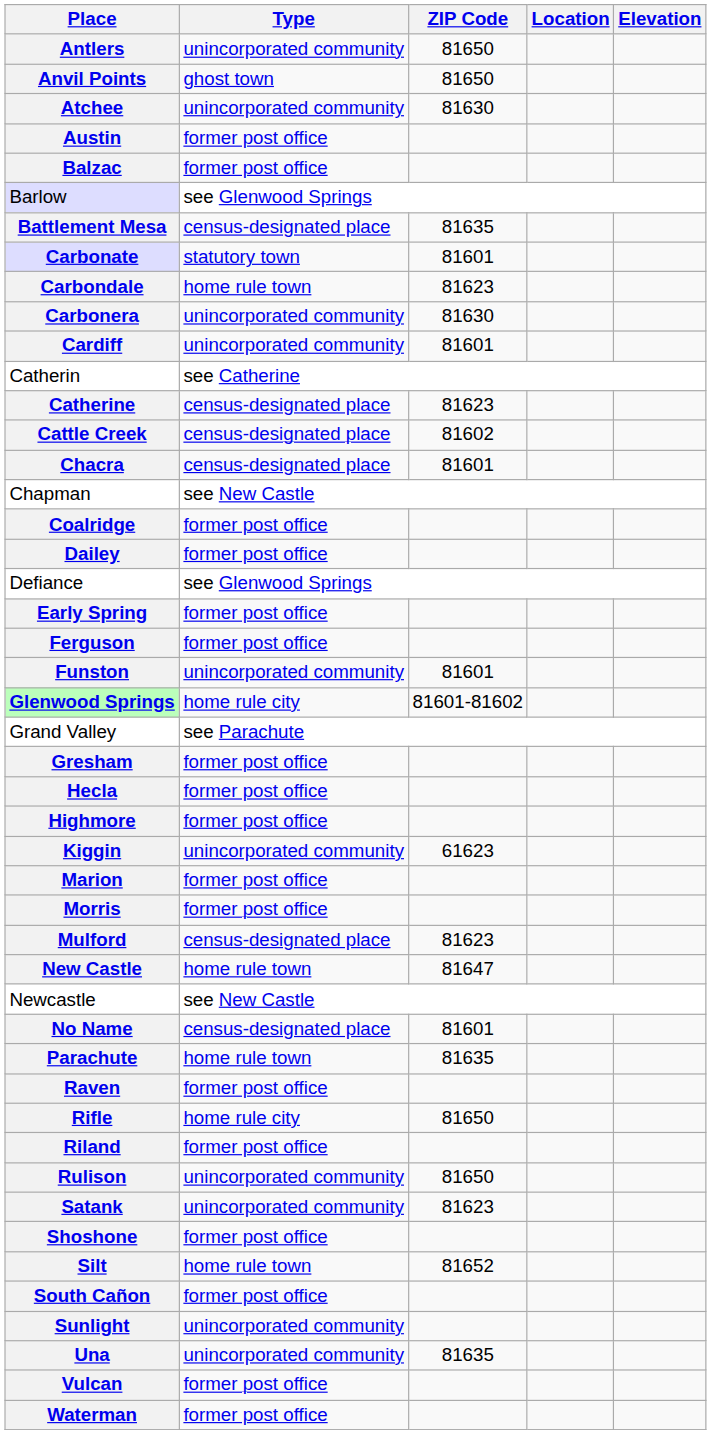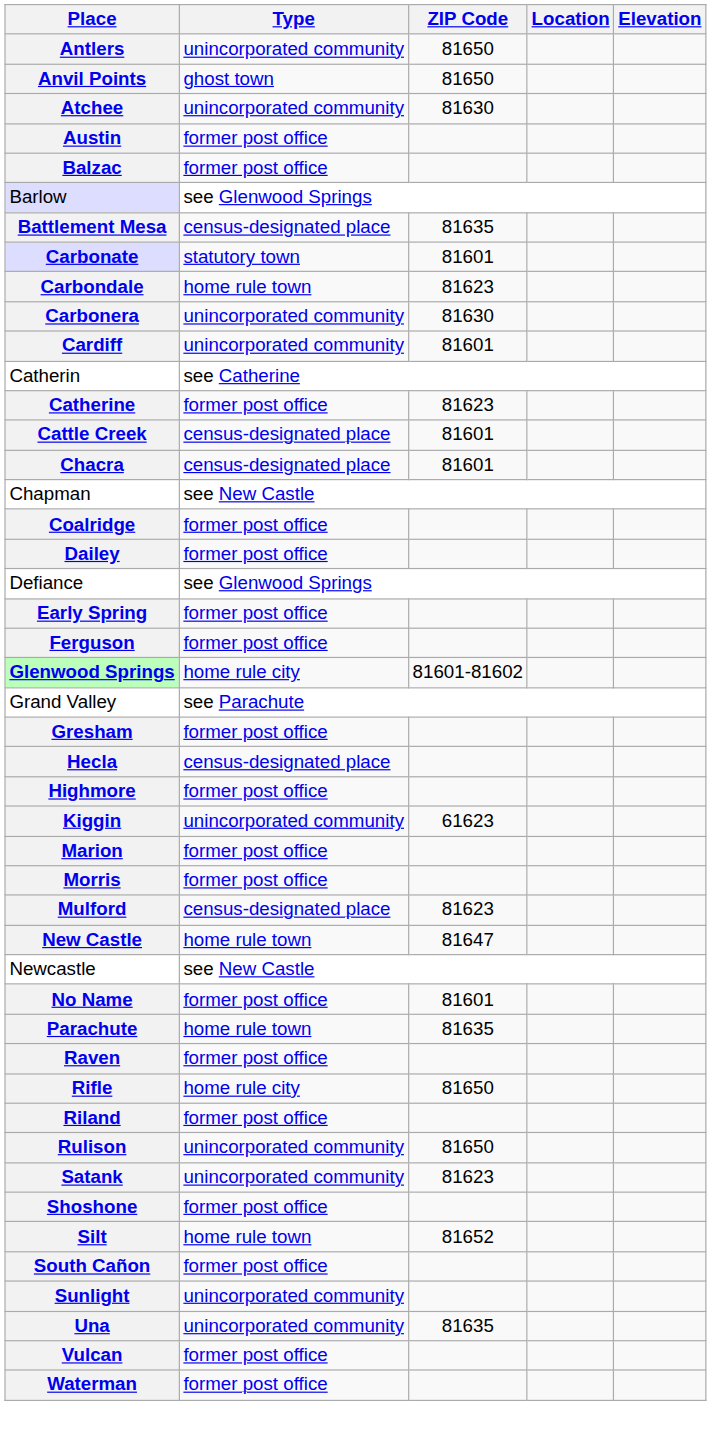 <table class="wikitable sortable  plainrowheaders" style="margin:auto;">
 <tr>
 <th scope=col><a href='#'>Place</a></th>
 <th scope=col><a href='#'>Type</a></th>
 <th scope=col><a href='#'>ZIP Code</a></th>
 <th scope=col><a href='#'>Location</a></th>
 <th scope=col><a href='#'>Elevation</a></th>
 </tr>
 <tr>
 <th scope=row><a href='#'>Antlers</a></th>
 <td><a href='#'>unincorporated community</a></td>
 <td align=center>81650</td>
 <td></td>
 <td align=right></td>
 </tr>
 <tr>
 <th scope=row><a href='#'>Anvil Points</a></th>
 <td><a href='#'>ghost town</a></td>
 <td align=center>81650</td>
 <td></td>
 <td align=right></td>
 </tr>
 <tr>
 <th scope=row><a href='#'>Atchee</a></th>
 <td><a href='#'>unincorporated community</a></td>
 <td align=center>81630</td>
 <td></td>
 <td align=right></td>
 </tr>
 <tr>
 <th scope=row><a href='#'>Austin</a></th>
 <td><a href='#'>former post office</a></td>
 <td align=center></td>
 <td></td>
 <td></td>
 </tr>
 <tr>
 <th scope=row><a href='#'>Balzac</a></th>
 <td><a href='#'>former post office</a></td>
 <td align=center></td>
 <td></td>
 <td></td>
 </tr>
 <tr bgcolor=white>
 <td style="background:#DDDDFF;">Barlow</td>
 <td colspan=4>see <a href='#'>Glenwood Springs</a></td>
 </tr>
 <tr>
 <th scope=row><a href='#'>Battlement Mesa</a></th>
 <td><a href='#'>census-designated place</a></td>
 <td align=center>81635</td>
 <td></td>
 <td align=right></td>
 </tr>
 <tr>
 <th scope=row style="background:#DDDDFF;"><a href='#'>Carbonate</a></th>
 <td><a href='#'>statutory town</a></td>
 <td align=center>81601</td>
 <td></td>
 <td align=right></td>
 </tr>
 <tr>
 <th scope=row><a href='#'>Carbondale</a></th>
 <td><a href='#'>home rule town</a></td>
 <td align=center>81623</td>
 <td></td>
 <td align=right></td>
 </tr>
 <tr>
 <th scope=row><a href='#'>Carbonera</a></th>
 <td><a href='#'>unincorporated community</a></td>
 <td align=center>81630</td>
 <td></td>
 <td align=right></td>
 </tr>
 <tr>
 <th scope=row><a href='#'>Cardiff</a></th>
 <td><a href='#'>unincorporated community</a></td>
 <td align=center>81601</td>
 <td></td>
 <td align=right></td>
 </tr>
 <tr bgcolor=white>
 <td>Catherin</td>
 <td colspan=4>see <a href='#'>Catherine</a></td>
 </tr>
 <tr>
 <th scope=row><a href='#'>Catherine</a></th>
-<td><a href='#'>census-designated place</a></td>
+<td><a href='#'>former post office</a></td>
 <td align=center>81623</td>
 <td></td>
 <td align=right></td>
 </tr>
 <tr>
 <th scope=row><a href='#'>Cattle Creek</a></th>
 <td><a href='#'>census-designated place</a></td>
-<td align=center>81602</td>
+<td align=center>81601</td>
 <td></td>
 <td align=right></td>
 </tr>
 <tr>
 <th scope=row><a href='#'>Chacra</a></th>
 <td><a href='#'>census-designated place</a></td>
 <td align=center>81601</td>
 <td></td>
 <td align=right></td>
 </tr>
 <tr bgcolor=white>
 <td>Chapman</td>
 <td colspan=4>see <a href='#'>New Castle</a></td>
 </tr>
 <tr>
 <th scope=row><a href='#'>Coalridge</a></th>
 <td><a href='#'>former post office</a></td>
 <td align=center></td>
 <td></td>
 <td></td>
 </tr>
 <tr>
 <th scope=row><a href='#'>Dailey</a></th>
 <td><a href='#'>former post office</a></td>
 <td align=center></td>
 <td></td>
 <td></td>
 </tr>
 <tr bgcolor=white>
 <td>Defiance</td>
 <td colspan=4>see <a href='#'>Glenwood Springs</a></td>
 </tr>
 <tr>
 <th scope=row><a href='#'>Early Spring</a></th>
 <td><a href='#'>former post office</a></td>
 <td align=center></td>
 <td></td>
 <td></td>
 </tr>
 <tr>
 <th scope=row><a href='#'>Ferguson</a></th>
 <td><a href='#'>former post office</a></td>
 <td align=center></td>
 <td></td>
 <td></td>
 </tr>
 <tr>
-<th scope=row><a href='#'>Funston</a></th>
-<td><a href='#'>unincorporated community</a></td>
-<td align=center>81601</td>
-<td></td>
-<td align=right></td>
-</tr>
-<tr>
 <th scope=row style="background:#BBFFBB;"><a href='#'>Glenwood Springs</a></th>
 <td><a href='#'>home rule city</a></td>
 <td align=center>81601-81602</td>
 <td></td>
 <td align=right></td>
 </tr>
 <tr bgcolor=white>
 <td>Grand Valley</td>
 <td colspan=4>see <a href='#'>Parachute</a></td>
 </tr>
 <tr>
 <th scope=row><a href='#'>Gresham</a></th>
 <td><a href='#'>former post office</a></td>
 <td align=center></td>
 <td></td>
 <td></td>
 </tr>
 <tr>
 <th scope=row><a href='#'>Hecla</a></th>
-<td><a href='#'>former post office</a></td>
+<td><a href='#'>census-designated place</a></td>
 <td align=center></td>
 <td></td>
 <td></td>
 </tr>
 <tr>
 <th scope=row><a href='#'>Highmore</a></th>
 <td><a href='#'>former post office</a></td>
 <td align=center></td>
 <td></td>
 <td></td>
 </tr>
 <tr>
 <th scope=row><a href='#'>Kiggin</a></th>
 <td><a href='#'>unincorporated community</a></td>
 <td align=center>61623</td>
 <td></td>
 <td align=right></td>
 </tr>
 <tr>
 <th scope=row><a href='#'>Marion</a></th>
 <td><a href='#'>former post office</a></td>
 <td align=center></td>
 <td></td>
 <td></td>
 </tr>
 <tr>
 <th scope=row><a href='#'>Morris</a></th>
 <td><a href='#'>former post office</a></td>
 <td align=center></td>
 <td></td>
 <td></td>
 </tr>
 <tr>
 <th scope=row><a href='#'>Mulford</a></th>
 <td><a href='#'>census-designated place</a></td>
 <td align=center>81623</td>
 <td></td>
 <td align=right></td>
 </tr>
 <tr>
 <th scope=row><a href='#'>New Castle</a></th>
 <td><a href='#'>home rule town</a></td>
 <td align=center>81647</td>
 <td></td>
 <td align=right></td>
 </tr>
 <tr bgcolor=white>
 <td>Newcastle</td>
 <td colspan=4>see <a href='#'>New Castle</a></td>
 </tr>
 <tr>
 <th scope=row><a href='#'>No Name</a></th>
-<td><a href='#'>census-designated place</a></td>
+<td><a href='#'>former post office</a></td>
 <td align=center>81601</td>
 <td></td>
 <td align=right></td>
 </tr>
 <tr>
 <th scope=row><a href='#'>Parachute</a></th>
 <td><a href='#'>home rule town</a></td>
 <td align=center>81635</td>
 <td></td>
 <td align=right></td>
 </tr>
 <tr>
 <th scope=row><a href='#'>Raven</a></th>
 <td><a href='#'>former post office</a></td>
 <td align=center></td>
 <td></td>
 <td></td>
 </tr>
 <tr>
 <th scope=row><a href='#'>Rifle</a></th>
 <td><a href='#'>home rule city</a></td>
 <td align=center>81650</td>
 <td></td>
 <td align=right></td>
 </tr>
 <tr>
 <th scope=row><a href='#'>Riland</a></th>
 <td><a href='#'>former post office</a></td>
 <td align=center></td>
 <td></td>
 <td></td>
 </tr>
 <tr>
 <th scope=row><a href='#'>Rulison</a></th>
 <td><a href='#'>unincorporated community</a></td>
 <td align=center>81650</td>
 <td></td>
 <td align=right></td>
 </tr>
 <tr>
 <th scope=row><a href='#'>Satank</a></th>
 <td><a href='#'>unincorporated community</a></td>
 <td align=center>81623</td>
 <td></td>
 <td align=right></td>
 </tr>
 <tr>
 <th scope=row><a href='#'>Shoshone</a></th>
 <td><a href='#'>former post office</a></td>
 <td align=center></td>
 <td></td>
 <td></td>
 </tr>
 <tr>
 <th scope=row><a href='#'>Silt</a></th>
 <td><a href='#'>home rule town</a></td>
 <td align=center>81652</td>
 <td></td>
 <td align=right></td>
 </tr>
 <tr>
 <th scope=row><a href='#'>South Cañon</a></th>
 <td><a href='#'>former post office</a></td>
 <td align=center></td>
 <td></td>
 <td></td>
 </tr>
 <tr>
 <th scope=row><a href='#'>Sunlight</a></th>
 <td><a href='#'>unincorporated community</a></td>
 <td align=center></td>
 <td></td>
 <td></td>
 </tr>
 <tr>
 <th scope=row><a href='#'>Una</a></th>
 <td><a href='#'>unincorporated community</a></td>
 <td align=center>81635</td>
 <td></td>
 <td align=right></td>
 </tr>
 <tr>
 <th scope=row><a href='#'>Vulcan</a></th>
 <td><a href='#'>former post office</a></td>
 <td align=center></td>
 <td></td>
 <td></td>
 </tr>
 <tr>
 <th scope=row><a href='#'>Waterman</a></th>
 <td><a href='#'>former post office</a></td>
 <td align=center></td>
 <td></td>
 <td></td>
 </tr>
 </table>
